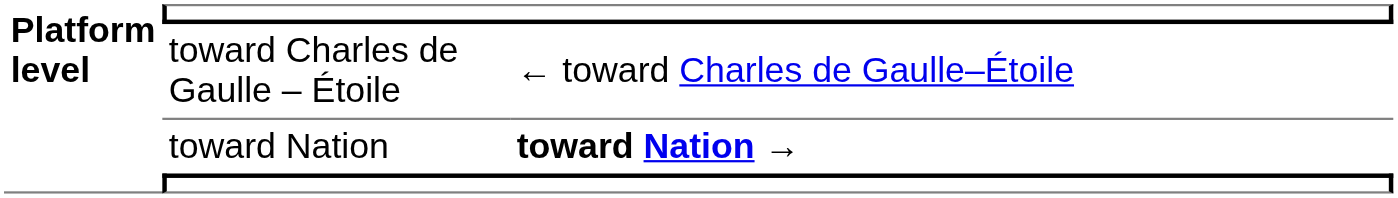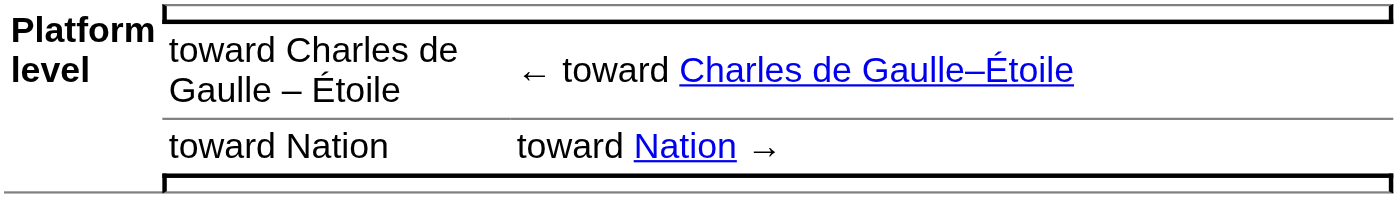 <table border=0 cellspacing=0 cellpadding=3>
 <tr>
 <td style="border-bottom:solid 1px gray;" width=50 rowspan=10 valign=top><strong>Platform level</strong></td>
 <td style="border-top:solid 1px gray;border-right:solid 2px black;border-left:solid 2px black;border-bottom:solid 2px black;text-align:center;" colspan=2></td>
 </tr>
 <tr>
 <td style="border-bottom:solid 1px gray;" width=150>toward Charles de Gaulle – Étoile</td>
 <td style="border-bottom:solid 1px gray;" width=390>←   toward <a href='#'>Charles de Gaulle–Étoile</a> </td>
 </tr>
 <tr>
 <td>toward Nation</td>
-<td><strong>   toward <a href='#'>Nation</a>  →</strong></td>
+<td>   toward <a href='#'>Nation</a>  →</td>
 </tr>
 <tr>
 <td style="border-top:solid 2px black;border-right:solid 2px black;border-left:solid 2px black;border-bottom:solid 1px gray;text-align:center;" colspan=2></td>
 </tr>
 </table>
